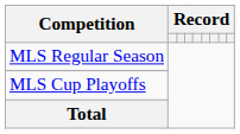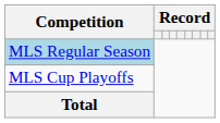 <table class="wikitable" style="text-align: center">
 <tr>
 <th rowspan=2>Competition</th>
 <th colspan=8>Record</th>
 </tr>
 <tr>
 <th></th>
 <th></th>
 <th></th>
 <th></th>
 <th></th>
 <th></th>
 <th></th>
 <th></th>
 </tr>
 <tr>
-<td align="left"><a href='#'>MLS Regular Season</a><br></td>
+<td align="left" style="background: lightblue;"><a href='#'>MLS Regular Season</a><br></td>
 </tr>
 <tr>
 </tr>
 <tr>
 <td align="left"><a href='#'>MLS Cup Playoffs</a><br></td>
 </tr>
 <tr>
 <th>Total<br></th>
 </tr>
 </table>
